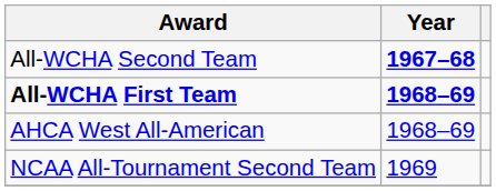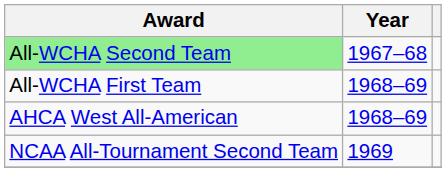 <table class="wikitable">
 <tr>
 <th>Award</th>
 <th>Year</th>
 <th></th>
 </tr>
 <tr>
-<td>All-<a href='#'>WCHA</a> <a href='#'>Second Team</a></td>
-<td><strong><a href='#'>1967–68</a></strong></td>
+<td style="background: lightgreen;">All-<a href='#'>WCHA</a> <a href='#'>Second Team</a></td>
+<td><a href='#'>1967–68</a></td>
 <td></td>
 </tr>
 <tr>
-<td><strong>All-<a href='#'>WCHA</a> <a href='#'>First Team</a></strong></td>
-<td><strong><a href='#'>1968–69</a></strong></td>
+<td>All-<a href='#'>WCHA</a> <a href='#'>First Team</a></td>
+<td><a href='#'>1968–69</a></td>
 <td></td>
 </tr>
 <tr>
 <td><a href='#'>AHCA</a> <a href='#'>West All-American</a></td>
 <td><a href='#'>1968–69</a></td>
 <td></td>
 </tr>
 <tr>
 <td><a href='#'>NCAA</a> <a href='#'>All-Tournament Second Team</a></td>
 <td><a href='#'>1969</a></td>
 <td></td>
 </tr>
 <tr>
 </tr>
 </table>
